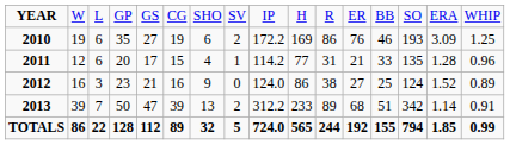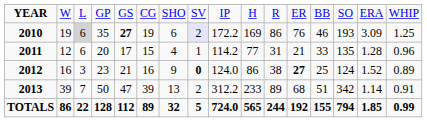 <table class="wikitable">
 <tr align=center>
 <td><strong>YEAR</strong></td>
 <td><a href='#'>W</a></td>
 <td><a href='#'>L</a></td>
 <td><a href='#'>GP</a></td>
 <td><a href='#'>GS</a></td>
 <td><a href='#'>CG</a></td>
 <td><a href='#'>SHO</a></td>
 <td><a href='#'>SV</a></td>
 <td><a href='#'>IP</a></td>
 <td><a href='#'>H</a></td>
 <td><a href='#'>R</a></td>
 <td><a href='#'>ER</a></td>
 <td><a href='#'>BB</a></td>
 <td><a href='#'>SO</a></td>
 <td><a href='#'>ERA</a></td>
 <td><a href='#'>WHIP</a></td>
 </tr>
 <tr align=center>
 <td><strong>2010</strong></td>
 <td>19</td>
-<td>6</td>
+<td style="background: lightgrey;">6</td>
 <td>35</td>
-<td>27</td>
+<td><strong>27</strong></td>
 <td>19</td>
 <td>6</td>
-<td>2</td>
+<td style="background: lavender;">2</td>
 <td>172.2</td>
 <td>169</td>
 <td>86</td>
 <td>76</td>
 <td>46</td>
 <td>193</td>
 <td>3.09</td>
 <td>1.25</td>
 </tr>
 <tr align=center>
 <td><strong>2011</strong></td>
 <td>12</td>
 <td>6</td>
 <td>20</td>
 <td>17</td>
 <td>15</td>
 <td>4</td>
 <td>1</td>
 <td>114.2</td>
 <td>77</td>
 <td>31</td>
 <td>21</td>
 <td>33</td>
 <td>135</td>
 <td>1.28</td>
 <td>0.96</td>
 </tr>
 <tr align=center>
 <td><strong>2012</strong></td>
 <td>16</td>
 <td>3</td>
 <td>23</td>
 <td>21</td>
 <td>16</td>
 <td>9</td>
-<td>0</td>
+<td><strong>0</strong></td>
 <td>124.0</td>
 <td>86</td>
 <td>38</td>
-<td>27</td>
+<td><strong>27</strong></td>
 <td>25</td>
 <td>124</td>
 <td>1.52</td>
 <td>0.89</td>
 </tr>
 <tr align=center>
 <td><strong>2013</strong></td>
 <td>39</td>
 <td>7</td>
 <td>50</td>
 <td>47</td>
 <td>39</td>
 <td>13</td>
 <td>2</td>
 <td>312.2</td>
 <td>233</td>
 <td>89</td>
 <td>68</td>
 <td>51</td>
 <td>342</td>
 <td>1.14</td>
 <td>0.91</td>
 </tr>
 <tr align=center>
 <td><strong>TOTALS</strong></td>
 <td><strong>86</strong></td>
 <td><strong>22</strong></td>
 <td><strong>128</strong></td>
 <td><strong>112</strong></td>
 <td><strong>89</strong></td>
 <td><strong>32</strong></td>
 <td><strong>5</strong></td>
 <td><strong>724.0</strong></td>
 <td><strong>565</strong></td>
 <td><strong>244</strong></td>
 <td><strong>192</strong></td>
 <td><strong>155</strong></td>
 <td><strong>794</strong></td>
 <td><strong>1.85</strong></td>
 <td><strong>0.99</strong></td>
 </tr>
 </table>
